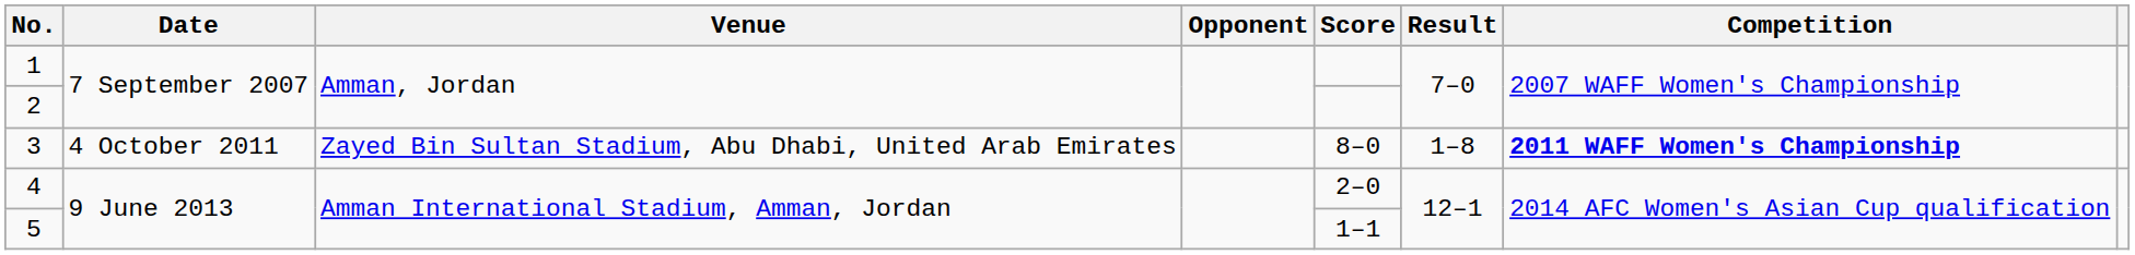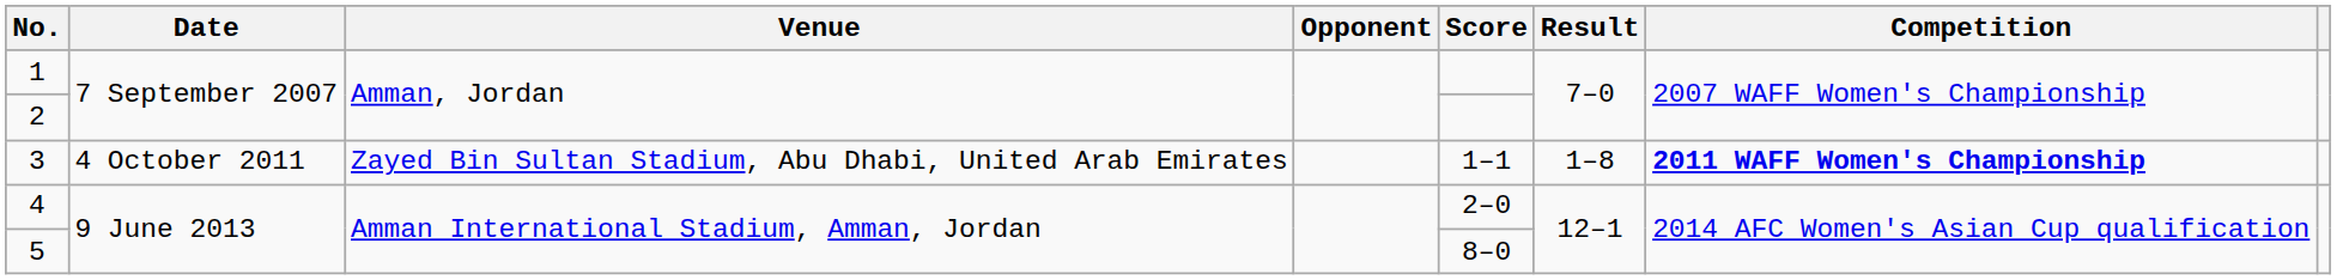 <table class="wikitable sortable">
 <tr>
 <th scope="col">No.</th>
 <th scope="col">Date</th>
 <th scope="col">Venue</th>
 <th scope="col">Opponent</th>
 <th scope="col">Score</th>
 <th scope="col">Result</th>
 <th scope="col">Competition</th>
 <th scope="col" class="unsortable"></th>
 </tr>
 <tr>
 <td align="center">1</td>
 <td rowspan="2">7 September 2007</td>
 <td rowspan="2"><a href='#'>Amman</a>, Jordan</td>
 <td rowspan="2"></td>
 <td align="center"></td>
 <td rowspan="2" align="center">7–0</td>
 <td rowspan="2"><a href='#'>2007 WAFF Women's Championship</a></td>
 <td rowspan="2"></td>
 </tr>
 <tr>
 <td align="center">2</td>
 <td align="center"></td>
 </tr>
 <tr>
 <td align="center">3</td>
 <td>4 October 2011</td>
 <td><a href='#'>Zayed Bin Sultan Stadium</a>, Abu Dhabi, United Arab Emirates</td>
 <td></td>
-<td align="center">8–0</td>
+<td align="center">1–1</td>
 <td align="center">1–8</td>
 <td><strong><a href='#'>2011 WAFF Women's Championship</a></strong></td>
 <td></td>
 </tr>
 <tr>
 <td align="center">4</td>
 <td rowspan="2">9 June 2013</td>
 <td rowspan="2"><a href='#'>Amman International Stadium</a>, <a href='#'>Amman</a>, Jordan</td>
 <td rowspan="2"></td>
 <td align="center">2–0</td>
 <td rowspan="2" align="center">12–1</td>
 <td rowspan="2"><a href='#'>2014 AFC Women's Asian Cup qualification</a></td>
 <td rowspan="2"></td>
 </tr>
 <tr>
 <td align="center">5</td>
-<td align="center">1–1</td>
+<td align="center">8–0</td>
 </tr>
 </table>
